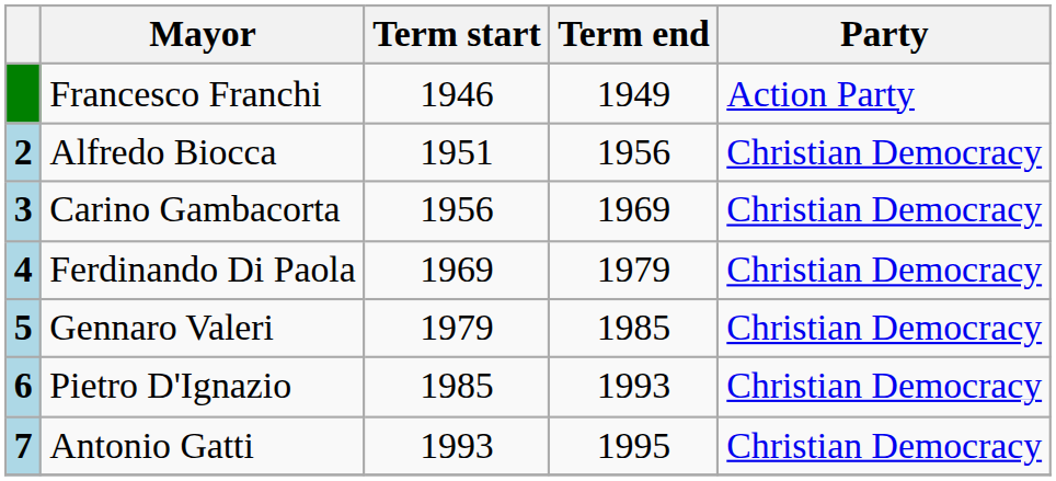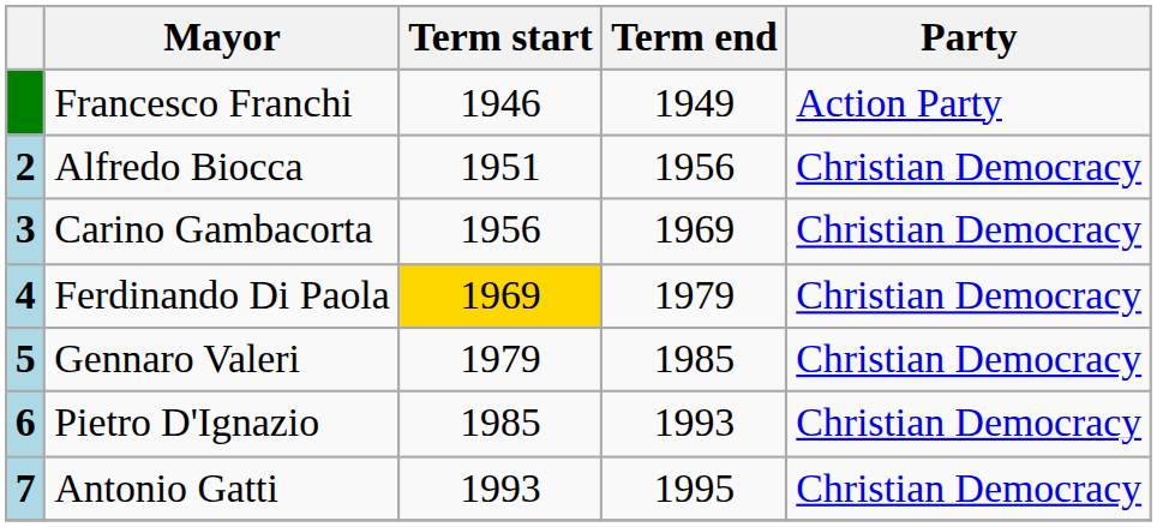 <table class="wikitable">
 <tr>
 <th class=unsortable> </th>
 <th>Mayor</th>
 <th>Term start</th>
 <th>Term end</th>
 <th>Party</th>
 </tr>
 <tr>
 <th style="background:#008000;"></th>
 <td>Francesco Franchi</td>
 <td align=center>1946</td>
 <td align=center>1949</td>
 <td><a href='#'>Action Party</a></td>
 </tr>
 <tr>
 <th style="background:#ADD8E6;">2</th>
 <td>Alfredo Biocca</td>
 <td align=center>1951</td>
 <td align=center>1956</td>
 <td><a href='#'>Christian Democracy</a></td>
 </tr>
 <tr>
 <th style="background:#ADD8E6;">3</th>
 <td>Carino Gambacorta</td>
 <td align=center>1956</td>
 <td align=center>1969</td>
 <td><a href='#'>Christian Democracy</a></td>
 </tr>
 <tr>
 <th style="background:#ADD8E6;">4</th>
 <td>Ferdinando Di Paola</td>
-<td align=center>1969</td>
+<td align=center style="background: gold;">1969</td>
 <td align=center>1979</td>
 <td><a href='#'>Christian Democracy</a></td>
 </tr>
 <tr>
 <th style="background:#ADD8E6;">5</th>
 <td>Gennaro Valeri</td>
 <td align=center>1979</td>
 <td align=center>1985</td>
 <td><a href='#'>Christian Democracy</a></td>
 </tr>
 <tr>
 <th style="background:#ADD8E6;">6</th>
 <td>Pietro D'Ignazio</td>
 <td align=center>1985</td>
 <td align=center>1993</td>
 <td><a href='#'>Christian Democracy</a></td>
 </tr>
 <tr>
 <th style="background:#ADD8E6;">7</th>
 <td>Antonio Gatti</td>
 <td align=center>1993</td>
 <td align=center>1995</td>
 <td><a href='#'>Christian Democracy</a></td>
 </tr>
 <tr>
 </tr>
 </table>
